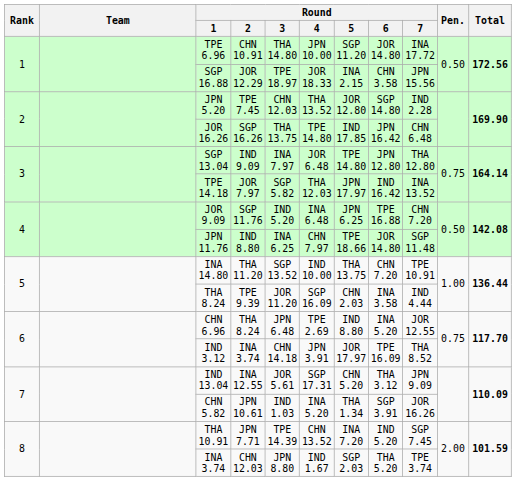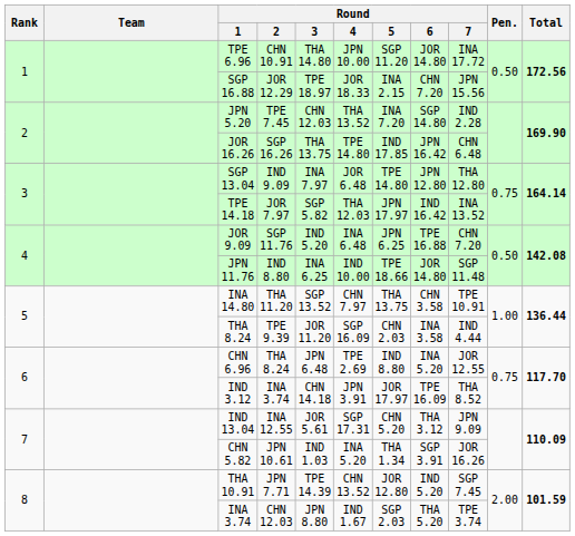 <table class=wikitable style="text-align:center">
 <tr>
 <th rowspan="2" width=40>Rank</th>
 <th rowspan="2" width=200>Team</th>
 <th colspan=7>Round</th>
 <th rowspan=2 width=35>Pen.</th>
 <th rowspan=2 width=50>Total</th>
 </tr>
 <tr>
 <th width=35>1</th>
 <th width=35>2</th>
 <th width=35>3</th>
 <th width=35>4</th>
 <th width=35>5</th>
 <th width=35>6</th>
 <th width=35>7</th>
 </tr>
 <tr bgcolor="ccffcc">
 <td rowspan=2>1</td>
 <td align=left rowspan=2></td>
 <td>TPE<br>6.96</td>
 <td>CHN<br>10.91</td>
 <td>THA<br>14.80</td>
 <td>JPN<br>10.00</td>
 <td>SGP<br>11.20</td>
 <td>JOR<br>14.80</td>
 <td>INA<br>17.72</td>
 <td rowspan=2>0.50</td>
 <td rowspan=2><strong>172.56</strong></td>
 </tr>
 <tr bgcolor="ccffcc">
 <td>SGP<br>16.88</td>
 <td>JOR<br>12.29</td>
 <td>TPE<br>18.97</td>
 <td>JOR<br>18.33</td>
 <td>INA<br>2.15</td>
-<td>CHN<br>3.58</td>
+<td>CHN<br>7.20</td>
 <td>JPN<br>15.56</td>
 </tr>
 <tr bgcolor="ccffcc">
 <td rowspan=2>2</td>
 <td align=left rowspan=2></td>
 <td>JPN<br>5.20</td>
 <td>TPE<br>7.45</td>
 <td>CHN<br>12.03</td>
 <td>THA<br>13.52</td>
-<td>JOR<br>12.80</td>
+<td>INA<br>7.20</td>
 <td>SGP<br>14.80</td>
 <td>IND<br>2.28</td>
 <td rowspan=2></td>
 <td rowspan=2><strong>169.90</strong></td>
 </tr>
 <tr bgcolor="ccffcc">
 <td>JOR<br>16.26</td>
 <td>SGP<br>16.26</td>
 <td>THA<br>13.75</td>
 <td>TPE<br>14.80</td>
 <td>IND<br>17.85</td>
 <td>JPN<br>16.42</td>
 <td>CHN<br>6.48</td>
 </tr>
 <tr bgcolor="ccffcc">
 <td rowspan=2>3</td>
 <td align=left rowspan=2></td>
 <td>SGP<br>13.04</td>
 <td>IND<br>9.09</td>
 <td>INA<br>7.97</td>
 <td>JOR<br>6.48</td>
 <td>TPE<br>14.80</td>
 <td>JPN<br>12.80</td>
 <td>THA<br>12.80</td>
 <td rowspan=2>0.75</td>
 <td rowspan=2><strong>164.14</strong></td>
 </tr>
 <tr bgcolor="ccffcc">
 <td>TPE<br>14.18</td>
 <td>JOR<br>7.97</td>
 <td>SGP<br>5.82</td>
 <td>THA<br>12.03</td>
 <td>JPN<br>17.97</td>
 <td>IND<br>16.42</td>
 <td>INA<br>13.52</td>
 </tr>
 <tr bgcolor="ccffcc">
 <td rowspan=2>4</td>
 <td align=left rowspan=2></td>
 <td>JOR<br>9.09</td>
 <td>SGP<br>11.76</td>
 <td>IND<br>5.20</td>
 <td>INA<br>6.48</td>
 <td>JPN<br>6.25</td>
 <td>TPE<br>16.88</td>
 <td>CHN<br>7.20</td>
 <td rowspan=2>0.50</td>
 <td rowspan=2><strong>142.08</strong></td>
 </tr>
 <tr bgcolor="ccffcc">
 <td>JPN<br>11.76</td>
 <td>IND<br>8.80</td>
 <td>INA<br>6.25</td>
-<td>CHN<br>7.97</td>
+<td>IND<br>10.00</td>
 <td>TPE<br>18.66</td>
 <td>JOR<br>14.80</td>
 <td>SGP<br>11.48</td>
 </tr>
 <tr>
 <td rowspan=2>5</td>
 <td align=left rowspan=2></td>
 <td>INA<br>14.80</td>
 <td>THA<br>11.20</td>
 <td>SGP<br>13.52</td>
-<td>IND<br>10.00</td>
+<td>CHN<br>7.97</td>
 <td>THA<br>13.75</td>
-<td>CHN<br>7.20</td>
+<td>CHN<br>3.58</td>
 <td>TPE<br>10.91</td>
 <td rowspan=2>1.00</td>
 <td rowspan=2><strong>136.44</strong></td>
 </tr>
 <tr>
 <td>THA<br>8.24</td>
 <td>TPE<br>9.39</td>
 <td>JOR<br>11.20</td>
 <td>SGP<br>16.09</td>
 <td>CHN<br>2.03</td>
 <td>INA<br>3.58</td>
 <td>IND<br>4.44</td>
 </tr>
 <tr>
 <td rowspan=2>6</td>
 <td align=left rowspan=2></td>
 <td>CHN<br>6.96</td>
 <td>THA<br>8.24</td>
 <td>JPN<br>6.48</td>
 <td>TPE<br>2.69</td>
 <td>IND<br>8.80</td>
 <td>INA<br>5.20</td>
 <td>JOR<br>12.55</td>
 <td rowspan=2>0.75</td>
 <td rowspan=2><strong>117.70</strong></td>
 </tr>
 <tr>
 <td>IND<br>3.12</td>
 <td>INA<br>3.74</td>
 <td>CHN<br>14.18</td>
 <td>JPN<br>3.91</td>
 <td>JOR<br>17.97</td>
 <td>TPE<br>16.09</td>
 <td>THA<br>8.52</td>
 </tr>
 <tr>
 <td rowspan=2>7</td>
 <td align=left rowspan=2></td>
 <td>IND<br>13.04</td>
 <td>INA<br>12.55</td>
 <td>JOR<br>5.61</td>
 <td>SGP<br>17.31</td>
 <td>CHN<br>5.20</td>
 <td>THA<br>3.12</td>
 <td>JPN<br>9.09</td>
 <td rowspan=2></td>
 <td rowspan=2><strong>110.09</strong></td>
 </tr>
 <tr>
 <td>CHN<br>5.82</td>
 <td>JPN<br>10.61</td>
 <td>IND<br>1.03</td>
 <td>INA<br>5.20</td>
 <td>THA<br>1.34</td>
 <td>SGP<br>3.91</td>
 <td>JOR<br>16.26</td>
 </tr>
 <tr>
 <td rowspan=2>8</td>
 <td align=left rowspan=2></td>
 <td>THA<br>10.91</td>
 <td>JPN<br>7.71</td>
 <td>TPE<br>14.39</td>
 <td>CHN<br>13.52</td>
-<td>INA<br>7.20</td>
+<td>JOR<br>12.80</td>
 <td>IND<br>5.20</td>
 <td>SGP<br>7.45</td>
 <td rowspan=2>2.00</td>
 <td rowspan=2><strong>101.59</strong></td>
 </tr>
 <tr>
 <td>INA<br>3.74</td>
 <td>CHN<br>12.03</td>
 <td>JPN<br>8.80</td>
 <td>IND<br>1.67</td>
 <td>SGP<br>2.03</td>
 <td>THA<br>5.20</td>
 <td>TPE<br>3.74</td>
 </tr>
 </table>
